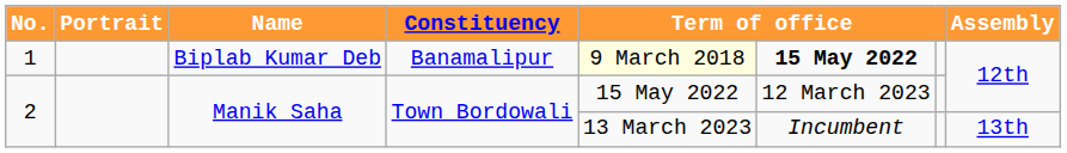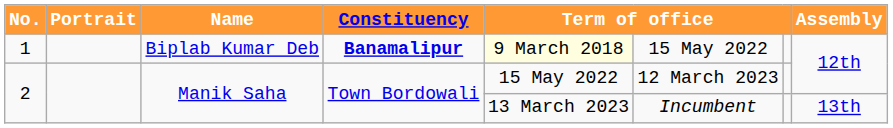 <table class="wikitable">
 <tr>
 <th style="background-color:#FF9933; color:white">No.</th>
 <th style="background-color:#FF9933; color:white">Portrait</th>
 <th style="background-color:#FF9933; color:white">Name</th>
 <th style="background-color:#FF9933; color:white"><a href='#'>Constituency</a></th>
 <th colspan="3" style="background-color:#FF9933; color:white">Term of office</th>
 <th style="background-color:#FF9933; color:white">Assembly</th>
 </tr>
 <tr style="text-align:center;" |>
 <td>1</td>
 <td></td>
 <td><a href='#'>Biplab Kumar Deb</a></td>
-<td><a href='#'>Banamalipur</a></td>
+<td><strong><a href='#'>Banamalipur</a></strong></td>
 <td style="background: lightyellow;">9 March 2018</td>
-<td><strong>15 May 2022</strong></td>
+<td>15 May 2022</td>
 <td></td>
 <td rowspan="2"><a href='#'>12th</a></td>
 </tr>
 <tr style="text-align:center;" |>
 <td rowspan="2">2</td>
 <td rowspan="2"></td>
 <td rowspan="2"><a href='#'>Manik Saha</a></td>
 <td rowspan="2"><a href='#'>Town Bordowali</a></td>
 <td>15 May 2022</td>
 <td>12 March 2023</td>
 <td></td>
 </tr>
 <tr style="text-align:center;" |>
 <td>13 March 2023</td>
 <td><em>Incumbent</em></td>
 <td></td>
 <td><a href='#'>13th</a></td>
 </tr>
 </table>
